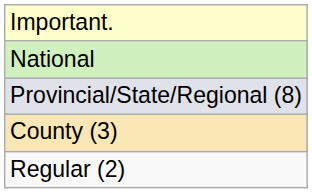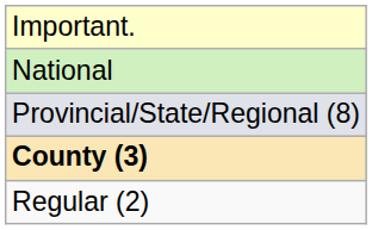 <table class="wikitable" style="display:inline-table;">
 <tr style="background:#ffc;">
 <td>Important.</td>
 </tr>
 <tr style="background:#d0f0c0">
 <td>National</td>
 </tr>
 <tr style="background:#dfe2e9">
 <td>Provincial/State/Regional (8)</td>
 </tr>
 <tr style="background:#fae7b5">
-<td>County (3)</td>
+<td><strong>County (3)</strong></td>
 </tr>
 <tr>
 <td>Regular (2)</td>
 </tr>
 </table>
